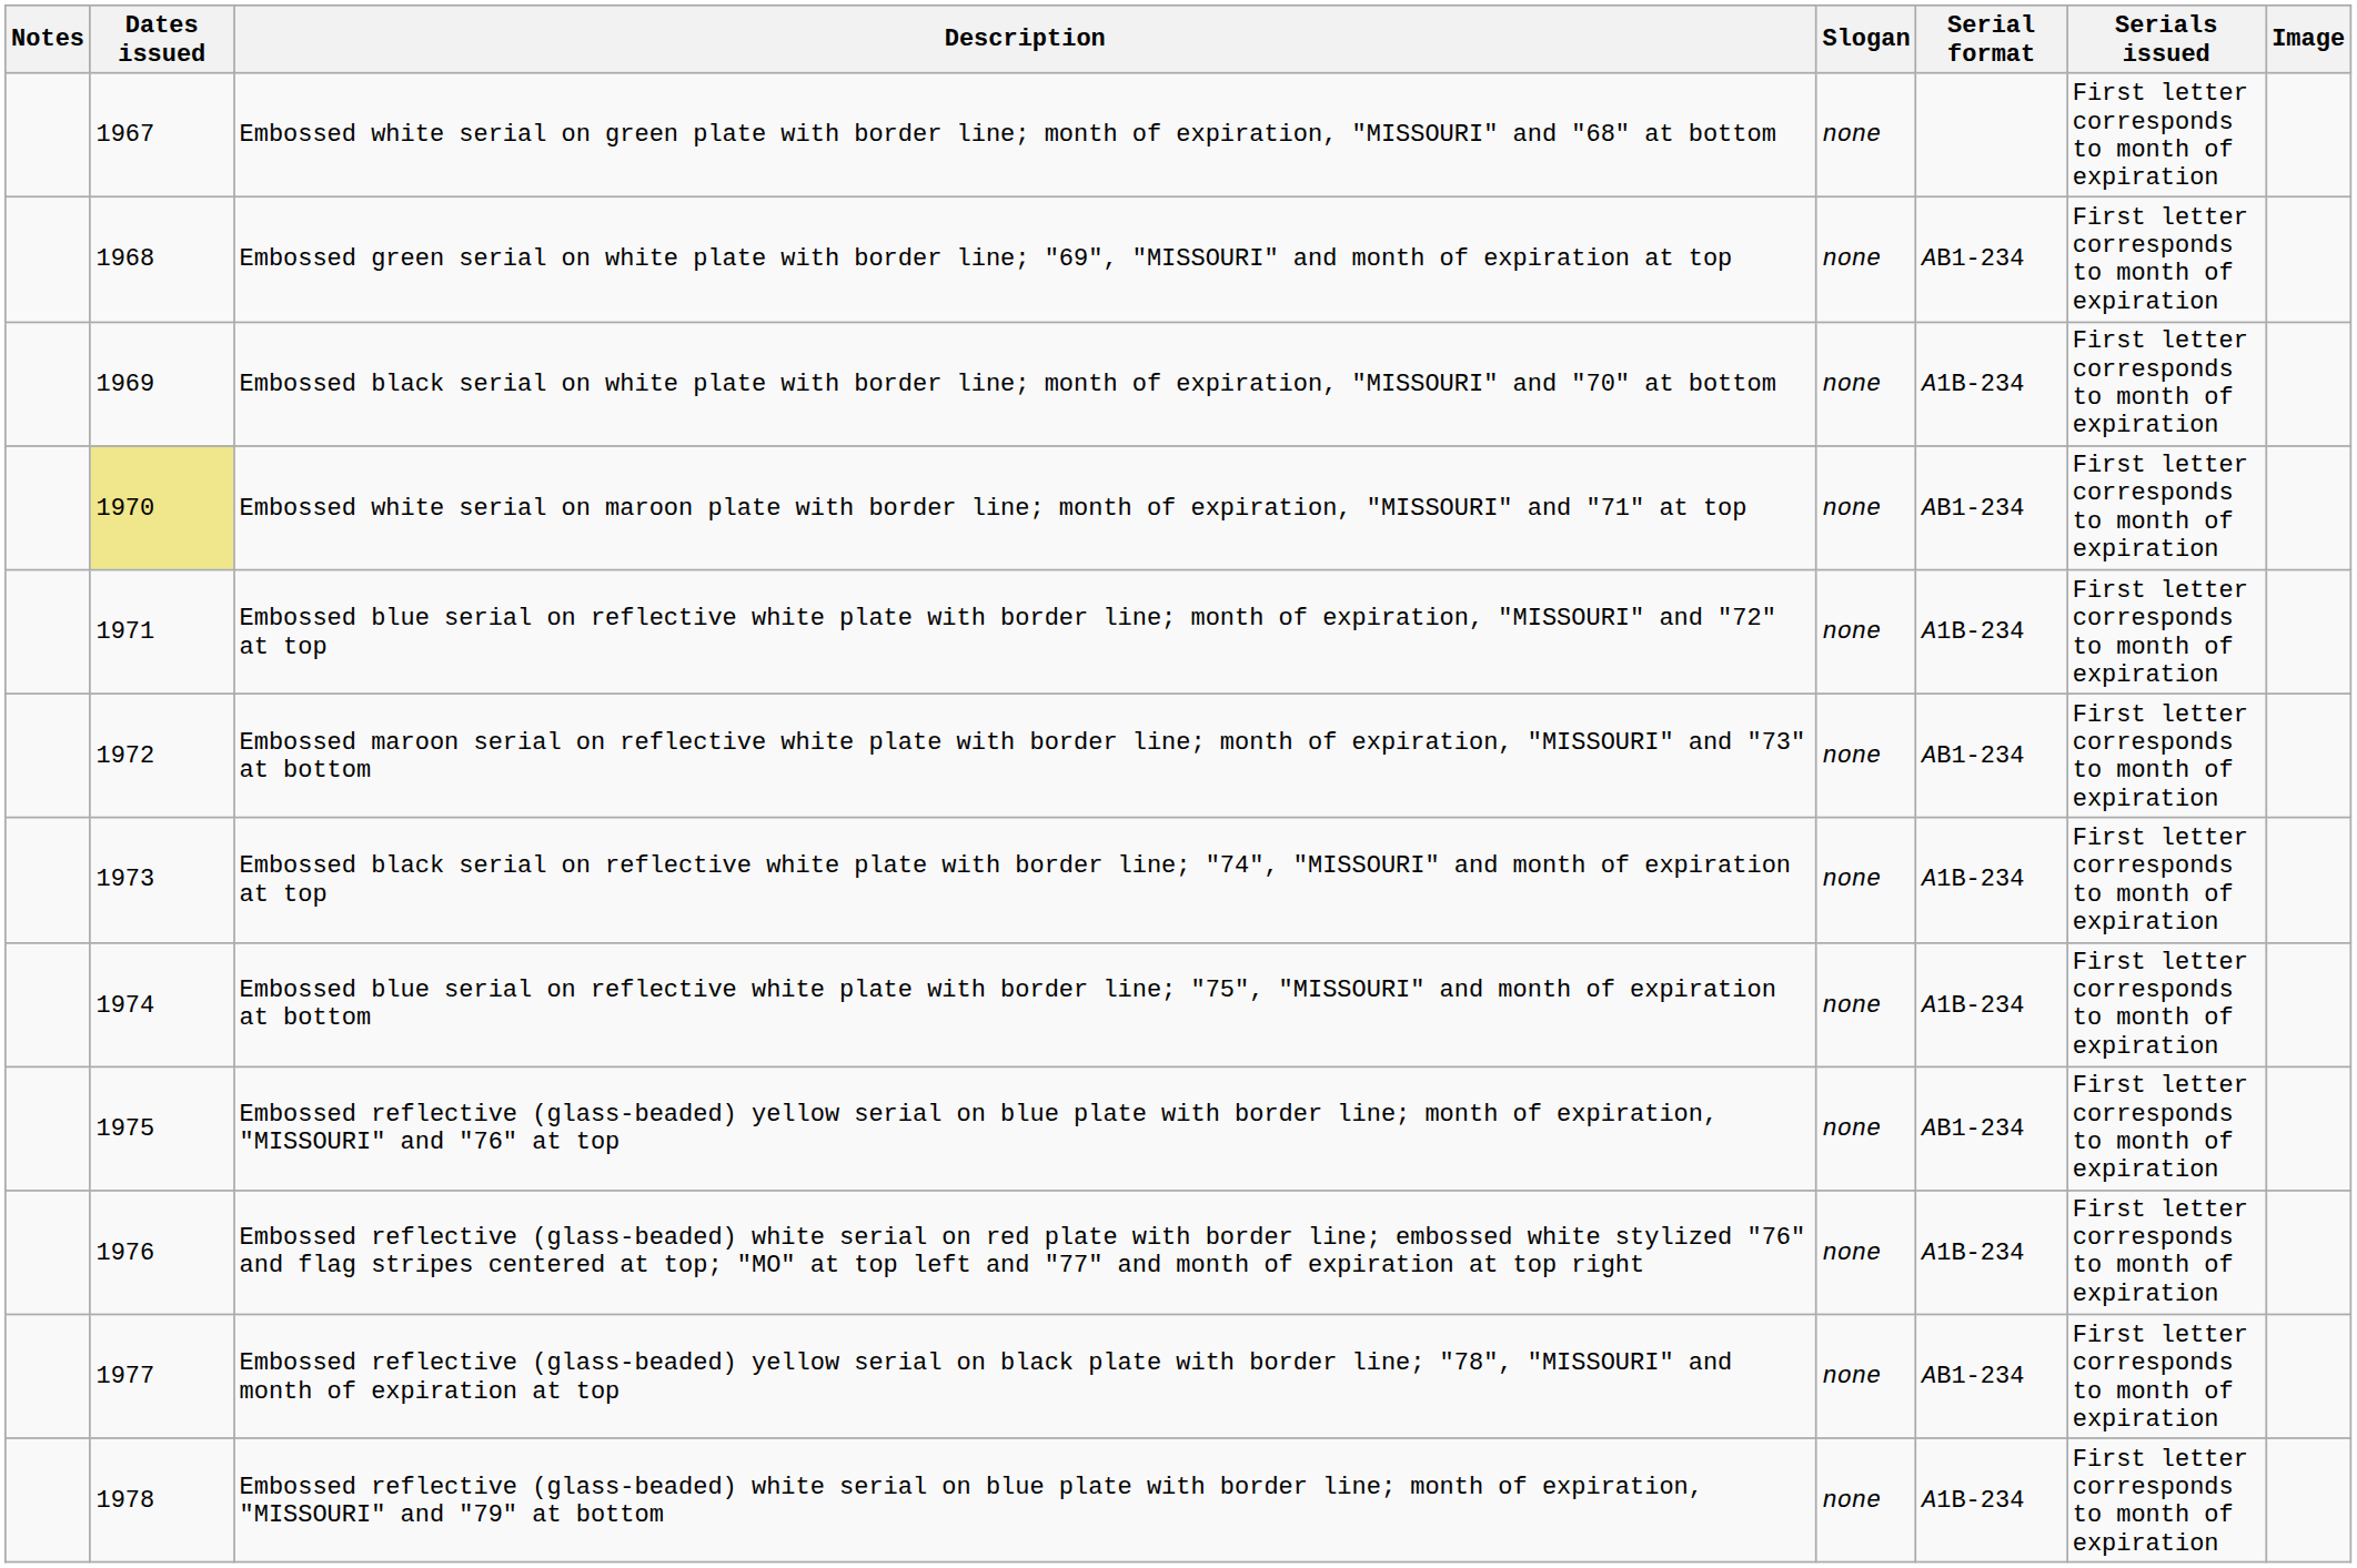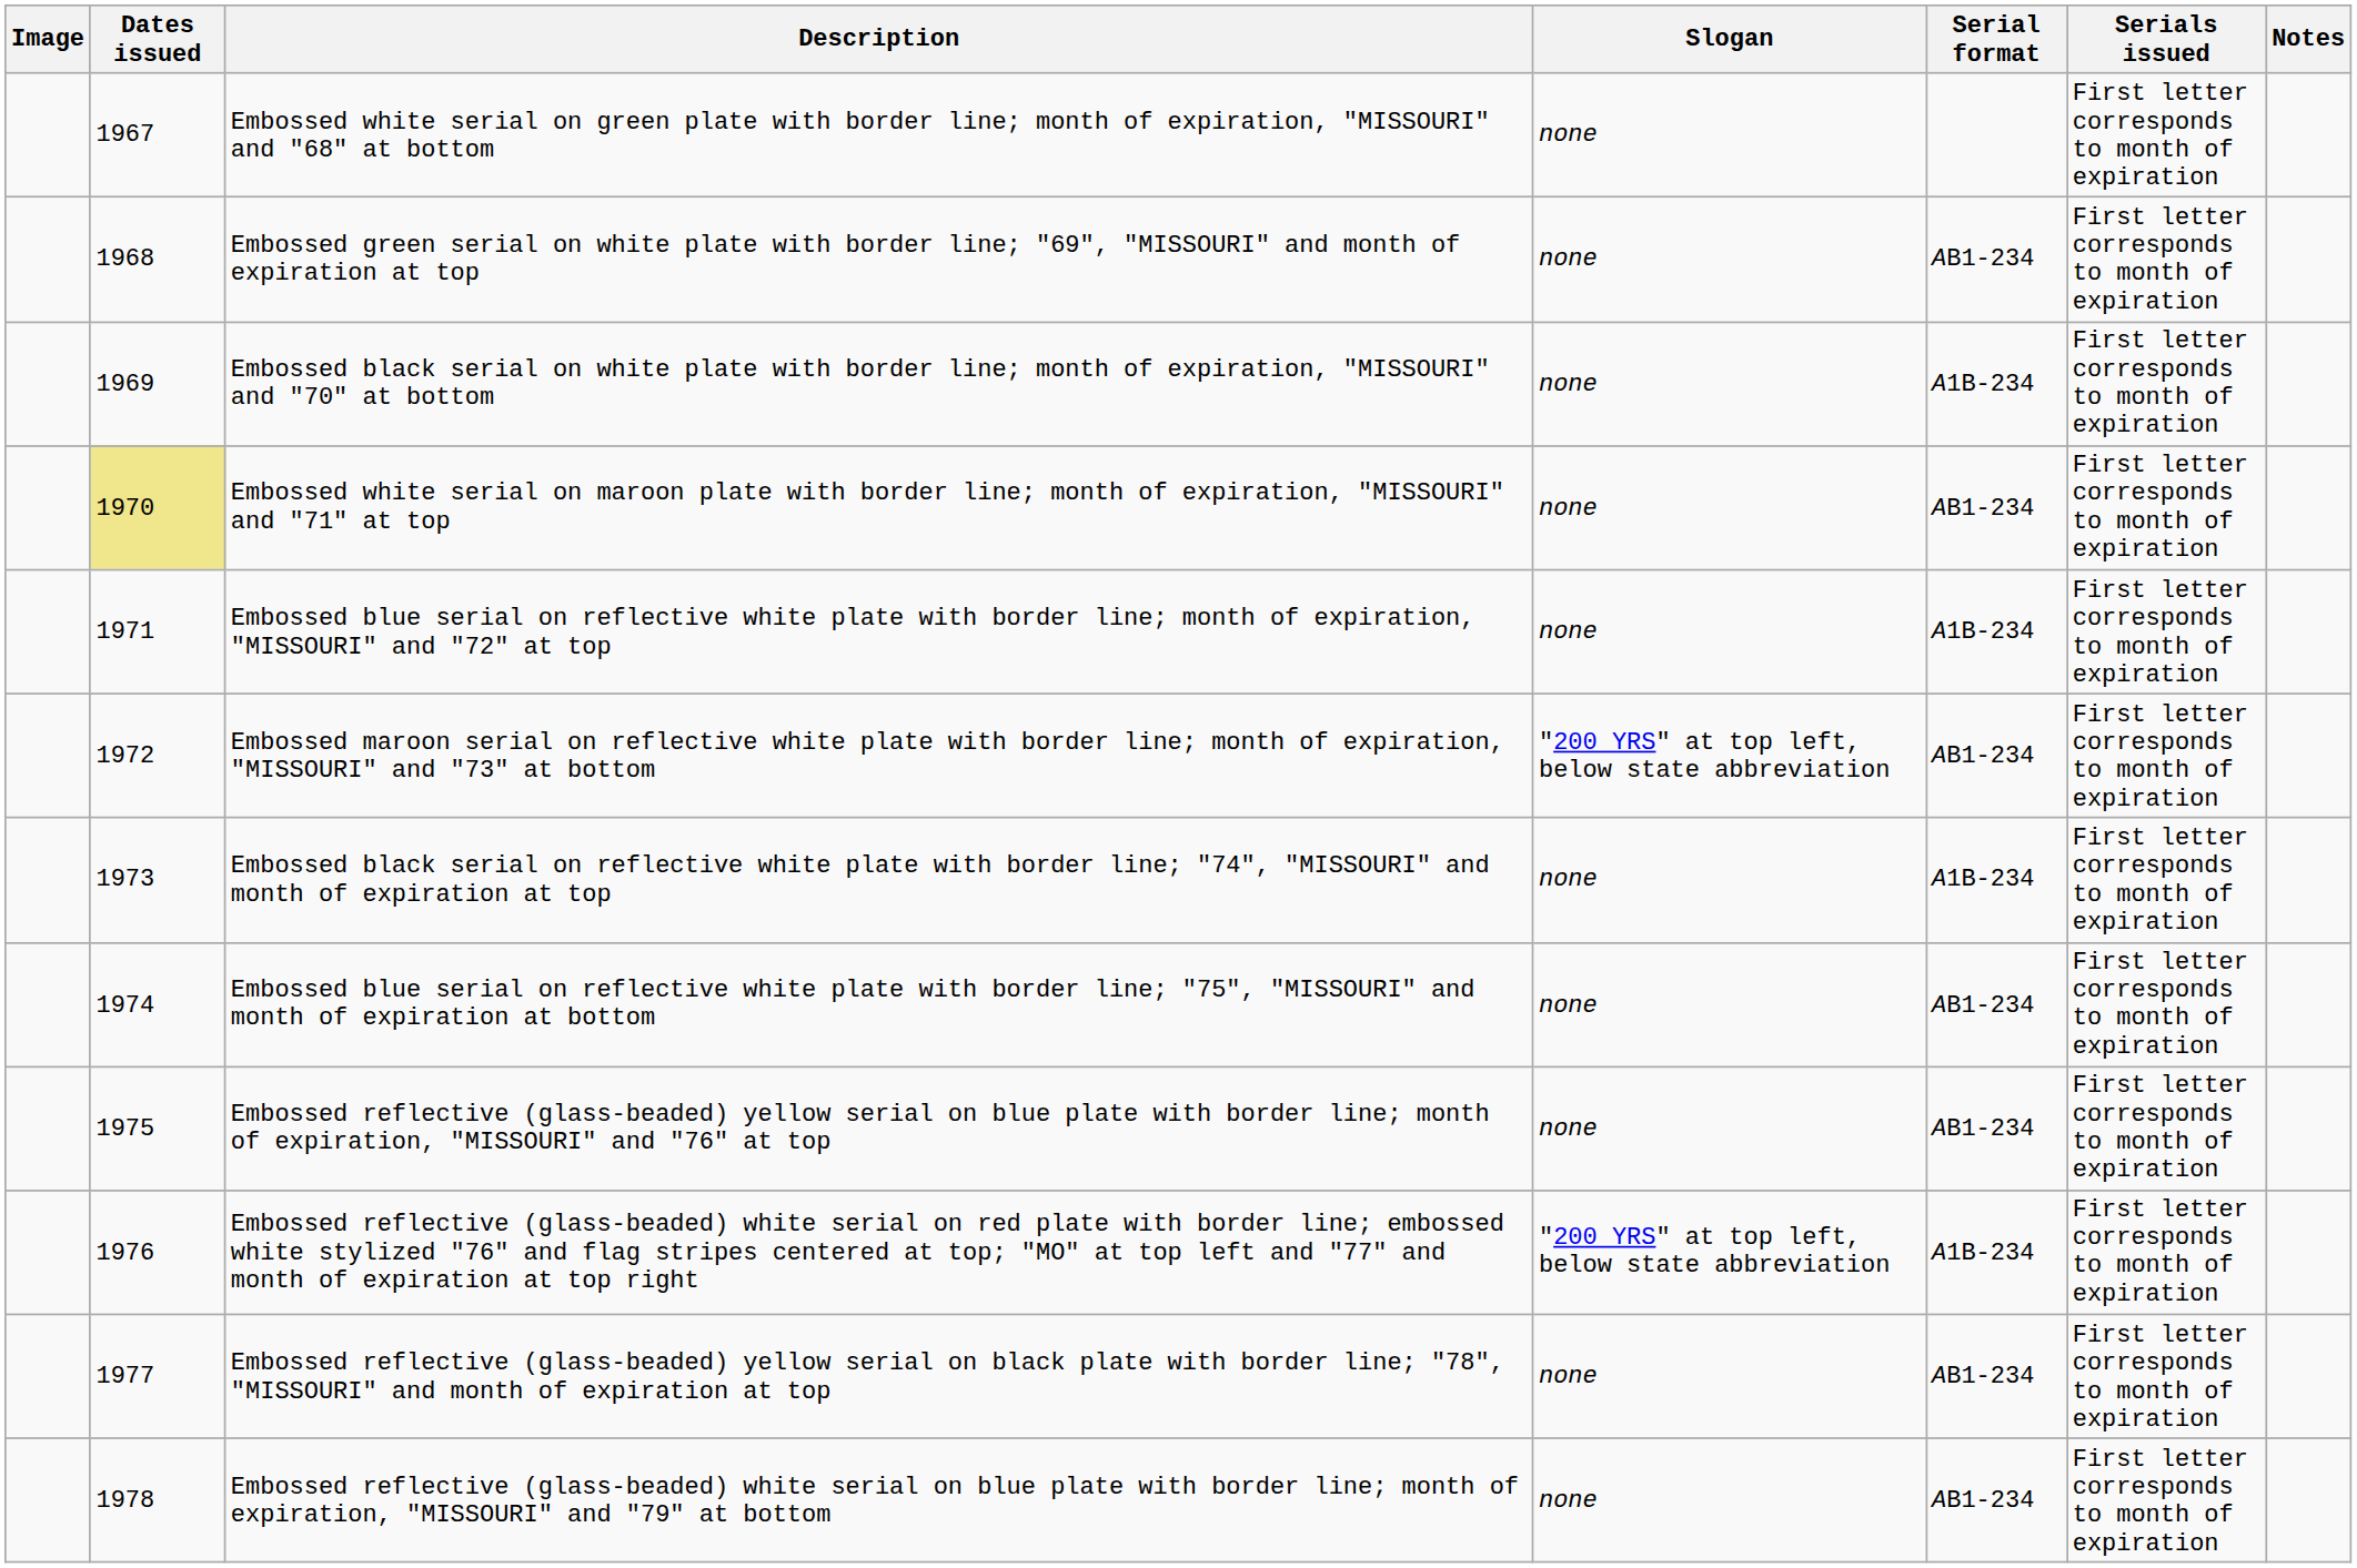 <table class="wikitable">
 <tr>
-<th>Notes</th>
+<th>Image</th>
 <th>Dates issued</th>
 <th>Description</th>
 <th>Slogan</th>
 <th>Serial format</th>
 <th style="width:100px;">Serials issued</th>
-<th>Image</th>
+<th>Notes</th>
 </tr>
 <tr>
 <td></td>
 <td>1967</td>
 <td>Embossed white serial on green plate with border line; month of expiration, "MISSOURI" and "68" at bottom</td>
 <td><em>none</em></td>
 <td></td>
 <td>First letter corresponds to month of expiration</td>
 <td></td>
 </tr>
 <tr>
 <td></td>
 <td>1968</td>
 <td>Embossed green serial on white plate with border line; "69", "MISSOURI" and month of expiration at top</td>
 <td><em>none</em></td>
 <td><em>A</em>B1-234</td>
 <td>First letter corresponds to month of expiration</td>
 <td></td>
 </tr>
 <tr>
 <td></td>
 <td>1969</td>
 <td>Embossed black serial on white plate with border line; month of expiration, "MISSOURI" and "70" at bottom</td>
 <td><em>none</em></td>
 <td><em>A</em>1B-234</td>
 <td>First letter corresponds to month of expiration</td>
 <td></td>
 </tr>
 <tr>
 <td></td>
 <td style="background: khaki;">1970</td>
 <td>Embossed white serial on maroon plate with border line; month of expiration, "MISSOURI" and "71" at top</td>
 <td><em>none</em></td>
 <td><em>A</em>B1-234</td>
 <td>First letter corresponds to month of expiration</td>
 <td></td>
 </tr>
 <tr>
 <td></td>
 <td>1971</td>
 <td>Embossed blue serial on reflective white plate with border line; month of expiration, "MISSOURI" and "72" at top</td>
 <td><em>none</em></td>
 <td><em>A</em>1B-234</td>
 <td>First letter corresponds to month of expiration</td>
 <td></td>
 </tr>
 <tr>
 <td></td>
 <td>1972</td>
 <td>Embossed maroon serial on reflective white plate with border line; month of expiration, "MISSOURI" and "73" at bottom</td>
-<td><em>none</em></td>
+<td>"<a href='#'>200 YRS</a>" at top left, below state abbreviation</td>
 <td><em>A</em>B1-234</td>
 <td>First letter corresponds to month of expiration</td>
 <td></td>
 </tr>
 <tr>
 <td></td>
 <td>1973</td>
 <td>Embossed black serial on reflective white plate with border line; "74", "MISSOURI" and month of expiration at top</td>
 <td><em>none</em></td>
 <td><em>A</em>1B-234</td>
 <td>First letter corresponds to month of expiration</td>
 <td></td>
 </tr>
 <tr>
 <td></td>
 <td>1974</td>
 <td>Embossed blue serial on reflective white plate with border line; "75", "MISSOURI" and month of expiration at bottom</td>
 <td><em>none</em></td>
-<td><em>A</em>1B-234</td>
+<td><em>A</em>B1-234</td>
 <td>First letter corresponds to month of expiration</td>
 <td></td>
 </tr>
 <tr>
 <td></td>
 <td>1975</td>
 <td>Embossed reflective (glass-beaded) yellow serial on blue plate with border line; month of expiration, "MISSOURI" and "76" at top</td>
 <td><em>none</em></td>
 <td><em>A</em>B1-234</td>
 <td>First letter corresponds to month of expiration</td>
 <td></td>
 </tr>
 <tr>
 <td></td>
 <td>1976</td>
 <td>Embossed reflective (glass-beaded) white serial on red plate with border line; embossed white stylized "76" and flag stripes centered at top; "MO" at top left and "77" and month of expiration at top right</td>
-<td><em>none</em></td>
+<td>"<a href='#'>200 YRS</a>" at top left, below state abbreviation</td>
 <td><em>A</em>1B-234</td>
 <td>First letter corresponds to month of expiration</td>
 <td></td>
 </tr>
 <tr>
 <td></td>
 <td>1977</td>
 <td>Embossed reflective (glass-beaded) yellow serial on black plate with border line; "78", "MISSOURI" and month of expiration at top</td>
 <td><em>none</em></td>
 <td><em>A</em>B1-234</td>
 <td>First letter corresponds to month of expiration</td>
 <td></td>
 </tr>
 <tr>
 <td></td>
 <td>1978</td>
 <td>Embossed reflective (glass-beaded) white serial on blue plate with border line; month of expiration, "MISSOURI" and "79" at bottom</td>
 <td><em>none</em></td>
-<td><em>A</em>1B-234</td>
+<td><em>A</em>B1-234</td>
 <td>First letter corresponds to month of expiration</td>
 <td></td>
 </tr>
 </table>
